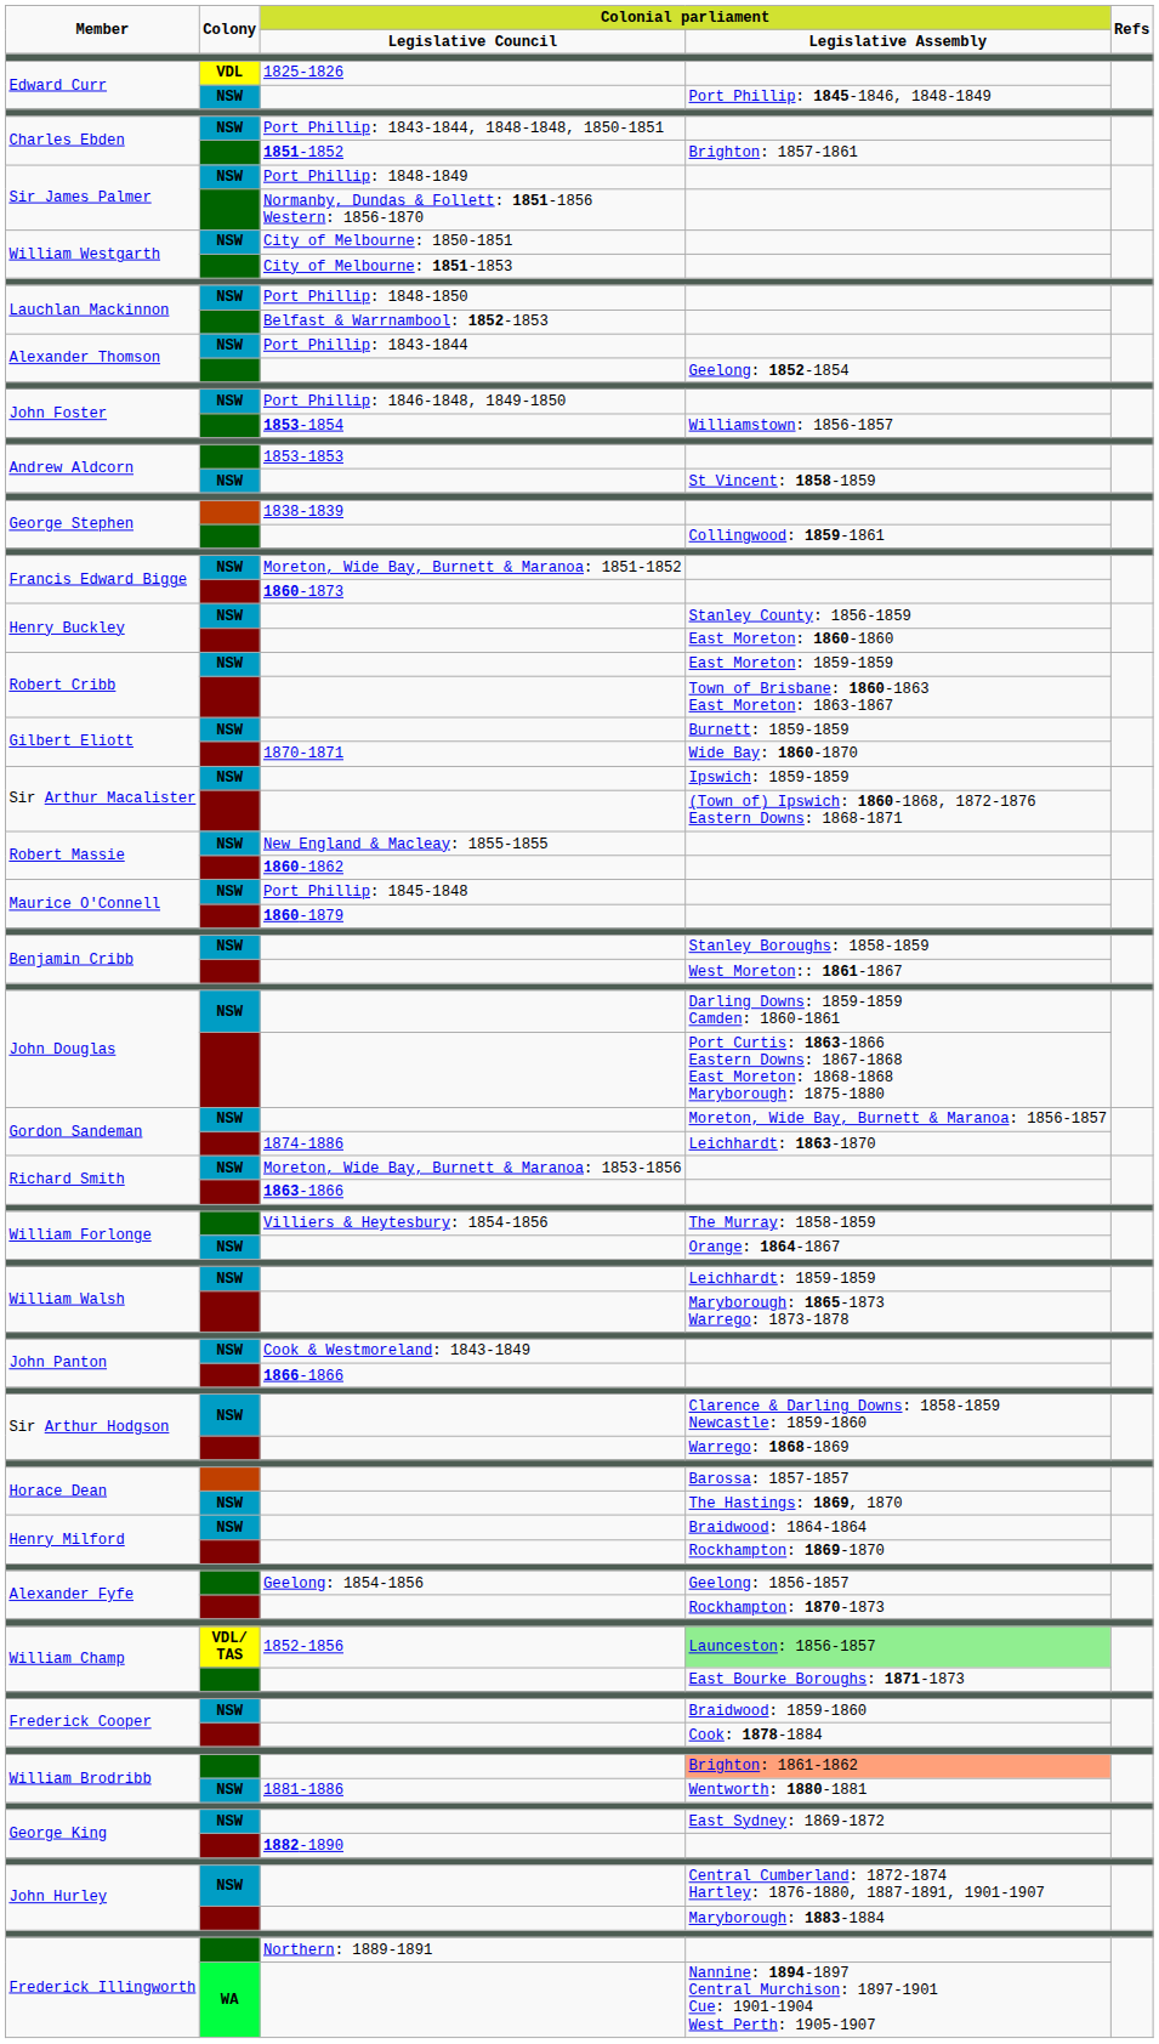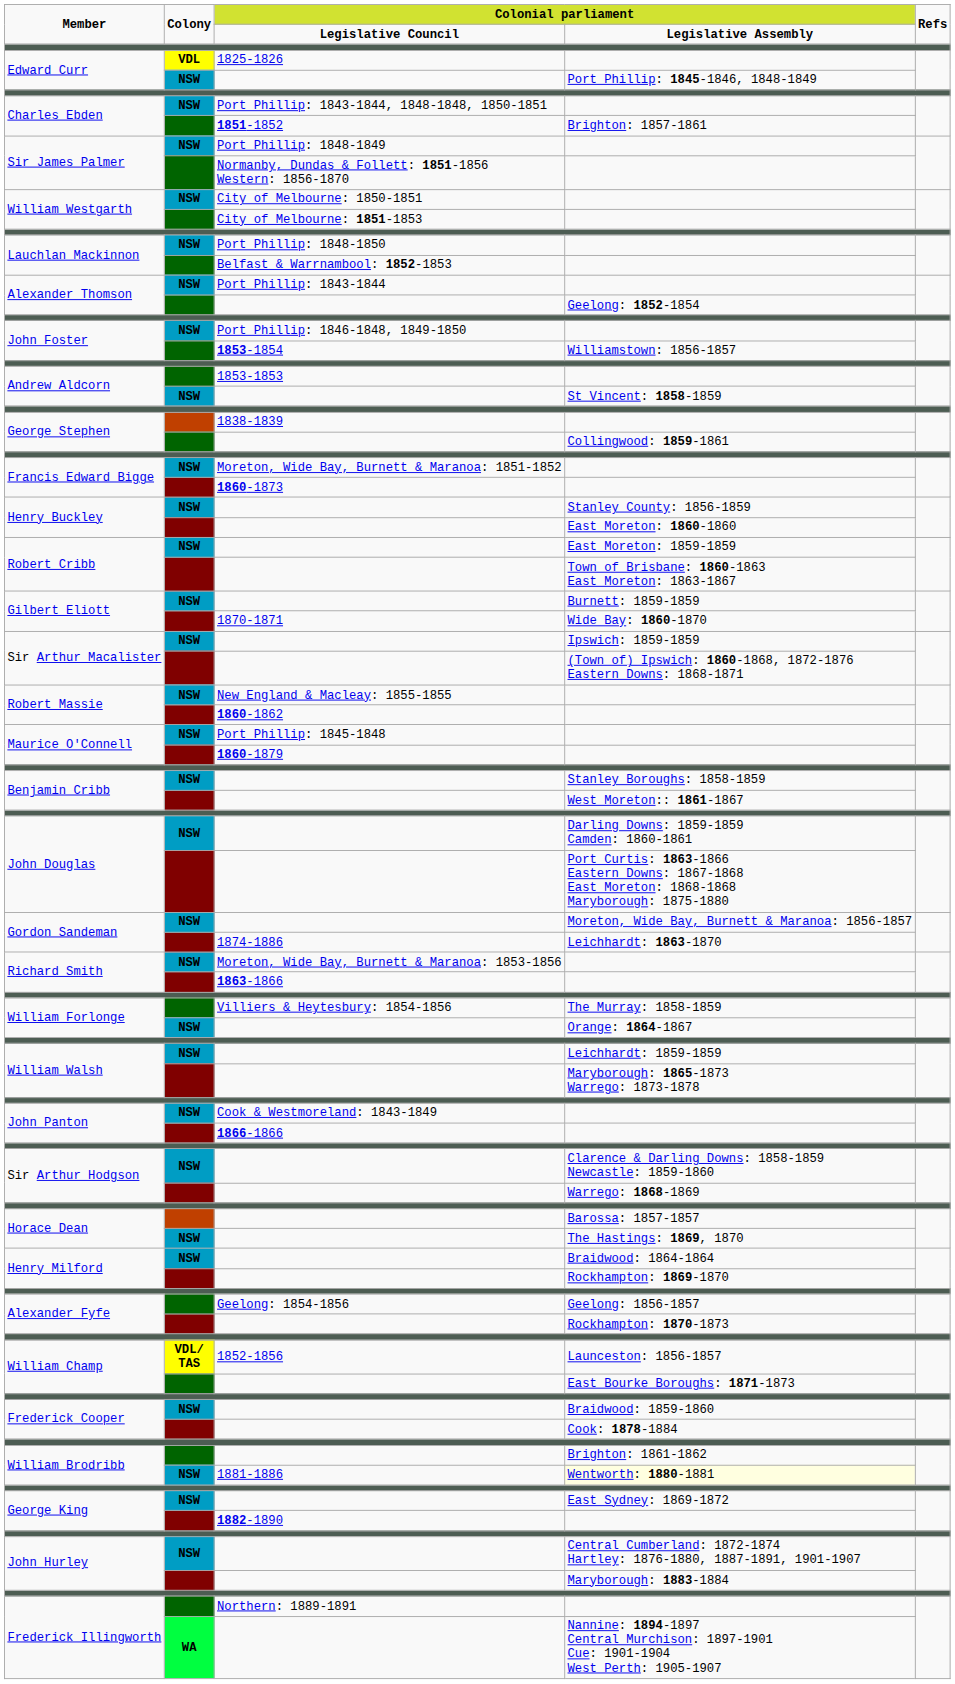 <table Class="wikitable">
 <tr>
 <td rowspan="2" align=center><strong>Member</strong></td>
 <td rowspan="2" align=center><strong>Colony</strong></td>
 <td style="background:#D1E231" align=center colspan="2"><strong>Colonial parliament</strong></td>
 <td rowspan="2" align=center><strong>Refs</strong></td>
 </tr>
 <tr>
 <td align=center><strong>Legislative Council</strong></td>
 <td align=center><strong>Legislative Assembly</strong></td>
 </tr>
 <tr>
 <td style="background:#4D5D53" align=center colspan="5"></td>
 </tr>
 <tr>
 <td rowspan="2"><a href='#'>Edward Curr</a></td>
 <td align=center style="background:yellow"><strong>VDL</strong></td>
 <td><a href='#'>1825-1826</a></td>
 <td></td>
 <td rowspan="2"></td>
 </tr>
 <tr>
 <td align=center style="background:#009DC4"><strong>NSW</strong></td>
 <td></td>
 <td><a href='#'>Port Phillip</a>: <strong>1845</strong>-1846, 1848-1849</td>
 </tr>
 <tr>
 <td style="background:#4D5D53" align=center colspan="5"></td>
 </tr>
 <tr>
 <td rowspan="2"><a href='#'>Charles Ebden</a></td>
 <td align=center style="background:#009DC4"><strong>NSW</strong></td>
 <td><a href='#'>Port Phillip</a>: 1843-1844, 1848-1848, 1850-1851</td>
 <td></td>
 <td rowspan="2"></td>
 </tr>
 <tr>
 <td align=center style="background:darkgreen"></td>
 <td><a href='#'><strong>1851</strong>-1852</a></td>
 <td><a href='#'>Brighton</a>: 1857-1861</td>
 </tr>
 <tr>
 <td rowspan="2"><a href='#'>Sir James Palmer</a></td>
 <td align=center style="background:#009DC4"><strong>NSW</strong></td>
 <td><a href='#'>Port Phillip</a>: 1848-1849</td>
 <td></td>
 <td rowspan="2"></td>
 </tr>
 <tr>
 <td align=center style="background:darkgreen"></td>
 <td><a href='#'>Normanby, Dundas & Follett</a>: <strong>1851</strong>-1856<br><a href='#'>Western</a>: 1856-1870</td>
 <td></td>
 </tr>
 <tr>
 <td rowspan="2"><a href='#'>William Westgarth</a></td>
 <td align=center style="background:#009DC4"><strong>NSW</strong></td>
 <td><a href='#'>City of Melbourne</a>: 1850-1851</td>
 <td></td>
 <td rowspan="2"></td>
 </tr>
 <tr>
 <td align=center style="background:darkgreen"></td>
 <td><a href='#'>City of Melbourne</a>: <strong>1851</strong>-1853</td>
 <td></td>
 </tr>
 <tr>
 <td style="background:#4D5D53" align=center colspan="5"></td>
 </tr>
 <tr>
 <td rowspan="2"><a href='#'>Lauchlan Mackinnon</a></td>
 <td align=center style="background:#009DC4"><strong>NSW</strong></td>
 <td><a href='#'>Port Phillip</a>: 1848-1850</td>
 <td></td>
 <td rowspan="2"></td>
 </tr>
 <tr>
 <td align=center style="background:darkgreen"></td>
 <td><a href='#'>Belfast & Warrnambool</a>: <strong>1852</strong>-1853</td>
 <td></td>
 </tr>
 <tr>
 <td rowspan="2"><a href='#'>Alexander Thomson</a></td>
 <td align=center style="background:#009DC4"><strong>NSW</strong></td>
 <td><a href='#'>Port Phillip</a>: 1843-1844</td>
 <td></td>
 <td rowspan="2"></td>
 </tr>
 <tr>
 <td align=center style="background:darkgreen"></td>
 <td></td>
 <td><a href='#'>Geelong</a>: <strong>1852</strong>-1854</td>
 </tr>
 <tr>
 <td style="background:#4D5D53" align=center colspan="5"></td>
 </tr>
 <tr>
 <td rowspan="2"><a href='#'>John Foster</a></td>
 <td align=center style="background:#009DC4"><strong>NSW</strong></td>
 <td><a href='#'>Port Phillip</a>: 1846-1848, 1849-1850</td>
 <td></td>
 <td rowspan="2"></td>
 </tr>
 <tr>
 <td align=center style="background:darkgreen"></td>
 <td><a href='#'><strong>1853</strong>-1854</a></td>
 <td><a href='#'>Williamstown</a>: 1856-1857</td>
 </tr>
 <tr>
 <td style="background:#4D5D53" align=center colspan="5"></td>
 </tr>
 <tr>
 <td rowspan="2"><a href='#'>Andrew Aldcorn</a></td>
 <td align=center style="background:darkgreen"></td>
 <td><a href='#'>1853-1853</a></td>
 <td></td>
 <td rowspan="2"></td>
 </tr>
 <tr>
 <td align=center style="background:#009DC4"><strong>NSW</strong></td>
 <td></td>
 <td><a href='#'>St Vincent</a>: <strong>1858</strong>-1859</td>
 </tr>
 <tr>
 <td style="background:#4D5D53" align=center colspan="5"></td>
 </tr>
 <tr>
 <td rowspan="2"><a href='#'>George Stephen</a></td>
 <td align=center style="background:#C04000"></td>
 <td><a href='#'>1838-1839</a></td>
 <td></td>
 <td rowspan="2"></td>
 </tr>
 <tr>
 <td align=center style="background:darkgreen"></td>
 <td></td>
 <td><a href='#'>Collingwood</a>: <strong>1859</strong>-1861</td>
 </tr>
 <tr>
 <td style="background:#4D5D53" align=center colspan="5"></td>
 </tr>
 <tr>
 <td rowspan="2"><a href='#'>Francis Edward Bigge</a></td>
 <td align=center style="background:#009DC4"><strong>NSW</strong></td>
 <td><a href='#'>Moreton, Wide Bay, Burnett & Maranoa</a>: 1851-1852</td>
 <td></td>
 <td rowspan="2"></td>
 </tr>
 <tr>
 <td align=center style="background:maroon"></td>
 <td><a href='#'><strong>1860</strong>-1873</a></td>
 <td></td>
 </tr>
 <tr>
 <td rowspan="2"><a href='#'>Henry Buckley</a></td>
 <td align=center style="background:#009DC4"><strong>NSW</strong></td>
 <td></td>
 <td><a href='#'>Stanley County</a>: 1856-1859</td>
 <td rowspan="2"></td>
 </tr>
 <tr>
 <td align=center style="background:maroon"></td>
 <td></td>
 <td><a href='#'>East Moreton</a>: <strong>1860</strong>-1860</td>
 </tr>
 <tr>
 <td rowspan="2"><a href='#'>Robert Cribb</a></td>
 <td align=center style="background:#009DC4"><strong>NSW</strong></td>
 <td></td>
 <td><a href='#'>East Moreton</a>: 1859-1859</td>
 <td rowspan="2"></td>
 </tr>
 <tr>
 <td align=center style="background:maroon"></td>
 <td></td>
 <td><a href='#'>Town of Brisbane</a>: <strong>1860</strong>-1863<br><a href='#'>East Moreton</a>: 1863-1867</td>
 </tr>
 <tr>
 <td rowspan="2"><a href='#'>Gilbert Eliott</a></td>
 <td align=center style="background:#009DC4"><strong>NSW</strong></td>
 <td></td>
 <td><a href='#'>Burnett</a>: 1859-1859</td>
 <td rowspan="2"></td>
 </tr>
 <tr>
 <td align=center style="background:maroon"></td>
 <td><a href='#'>1870-1871</a></td>
 <td><a href='#'>Wide Bay</a>: <strong>1860</strong>-1870</td>
 </tr>
 <tr>
 <td rowspan="2">Sir <a href='#'>Arthur Macalister</a></td>
 <td align=center style="background:#009DC4"><strong>NSW</strong></td>
 <td></td>
 <td><a href='#'>Ipswich</a>: 1859-1859</td>
 <td rowspan="2"></td>
 </tr>
 <tr>
 <td align=center style="background:maroon"></td>
 <td></td>
 <td><a href='#'>(Town of) Ipswich</a>: <strong>1860</strong>-1868, 1872-1876<br><a href='#'>Eastern Downs</a>: 1868-1871</td>
 </tr>
 <tr>
 <td rowspan="2"><a href='#'>Robert Massie</a></td>
 <td align=center style="background:#009DC4"><strong>NSW</strong></td>
 <td><a href='#'>New England & Macleay</a>: 1855-1855</td>
 <td></td>
 <td rowspan="2"></td>
 </tr>
 <tr>
 <td align=center style="background:maroon"></td>
 <td><a href='#'><strong>1860</strong>-1862</a></td>
 <td></td>
 </tr>
 <tr>
 <td rowspan="2"><a href='#'>Maurice O'Connell</a></td>
 <td align=center style="background:#009DC4"><strong>NSW</strong></td>
 <td><a href='#'>Port Phillip</a>: 1845-1848</td>
 <td></td>
 <td rowspan="2"></td>
 </tr>
 <tr>
 <td align=center style="background:maroon"></td>
 <td><a href='#'><strong>1860</strong>-1879</a></td>
 <td></td>
 </tr>
 <tr>
 <td style="background:#4D5D53" align=center colspan="5"></td>
 </tr>
 <tr>
 <td rowspan="2"><a href='#'>Benjamin Cribb</a></td>
 <td align=center style="background:#009DC4"><strong>NSW</strong></td>
 <td></td>
 <td><a href='#'>Stanley Boroughs</a>: 1858-1859</td>
 <td rowspan="2"></td>
 </tr>
 <tr>
 <td align=center style="background:maroon"></td>
 <td></td>
 <td><a href='#'>West Moreton</a>:: <strong>1861</strong>-1867</td>
 </tr>
 <tr>
 <td style="background:#4D5D53" align=center colspan="5"></td>
 </tr>
 <tr>
 <td rowspan="2"><a href='#'>John Douglas</a></td>
 <td align=center style="background:#009DC4"><strong>NSW</strong></td>
 <td></td>
 <td><a href='#'>Darling Downs</a>: 1859-1859<br><a href='#'>Camden</a>: 1860-1861</td>
 <td rowspan="2"></td>
 </tr>
 <tr>
 <td align=center style="background:maroon"></td>
 <td></td>
 <td><a href='#'>Port Curtis</a>: <strong>1863</strong>-1866<br><a href='#'>Eastern Downs</a>: 1867-1868<br><a href='#'>East Moreton</a>: 1868-1868<br><a href='#'>Maryborough</a>: 1875-1880</td>
 </tr>
 <tr>
 <td rowspan="2"><a href='#'>Gordon Sandeman</a></td>
 <td align=center style="background:#009DC4"><strong>NSW</strong></td>
 <td></td>
 <td><a href='#'>Moreton, Wide Bay, Burnett & Maranoa</a>: 1856-1857</td>
 <td rowspan="2"></td>
 </tr>
 <tr>
 <td align=center style="background:maroon"></td>
 <td><a href='#'>1874-1886</a></td>
 <td><a href='#'>Leichhardt</a>: <strong>1863</strong>-1870</td>
 </tr>
 <tr>
 <td rowspan="2"><a href='#'>Richard Smith</a></td>
 <td align=center style="background:#009DC4"><strong>NSW</strong></td>
 <td><a href='#'>Moreton, Wide Bay, Burnett & Maranoa</a>: 1853-1856</td>
 <td></td>
 <td rowspan="2"></td>
 </tr>
 <tr>
 <td align=center style="background:maroon"></td>
 <td><a href='#'><strong>1863</strong>-1866</a></td>
 <td></td>
 </tr>
 <tr>
 <td style="background:#4D5D53" align=center colspan="5"></td>
 </tr>
 <tr>
 <td rowspan="2"><a href='#'>William Forlonge</a></td>
 <td align=center style="background:darkgreen"></td>
 <td><a href='#'>Villiers & Heytesbury</a>: 1854-1856</td>
 <td><a href='#'>The Murray</a>: 1858-1859</td>
 <td rowspan="2"></td>
 </tr>
 <tr>
 <td align=center style="background:#009DC4"><strong>NSW</strong></td>
 <td></td>
 <td><a href='#'>Orange</a>: <strong>1864</strong>-1867</td>
 </tr>
 <tr>
 <td style="background:#4D5D53" align=center colspan="5"></td>
 </tr>
 <tr>
 <td rowspan="2"><a href='#'>William Walsh</a></td>
 <td align=center style="background:#009DC4"><strong>NSW</strong></td>
 <td></td>
 <td><a href='#'>Leichhardt</a>: 1859-1859</td>
 <td rowspan="2"></td>
 </tr>
 <tr>
 <td align=center style="background:maroon"></td>
 <td></td>
 <td><a href='#'>Maryborough</a>: <strong>1865</strong>-1873<br><a href='#'>Warrego</a>: 1873-1878</td>
 </tr>
 <tr>
 <td style="background:#4D5D53" align=center colspan="5"></td>
 </tr>
 <tr>
 <td rowspan="2"><a href='#'>John Panton</a></td>
 <td align=center style="background:#009DC4"><strong>NSW</strong></td>
 <td><a href='#'>Cook & Westmoreland</a>: 1843-1849</td>
 <td></td>
 <td rowspan="2"></td>
 </tr>
 <tr>
 <td align=center style="background:maroon"></td>
 <td><a href='#'><strong>1866</strong>-1866</a></td>
 <td></td>
 </tr>
 <tr>
 <td style="background:#4D5D53" align=center colspan="5"></td>
 </tr>
 <tr>
 <td rowspan="2">Sir <a href='#'>Arthur Hodgson</a></td>
 <td align=center style="background:#009DC4"><strong>NSW</strong></td>
 <td></td>
 <td><a href='#'>Clarence & Darling Downs</a>: 1858-1859<br><a href='#'>Newcastle</a>: 1859-1860</td>
 <td rowspan="2"></td>
 </tr>
 <tr>
 <td align=center style="background:maroon"></td>
 <td></td>
 <td><a href='#'>Warrego</a>: <strong>1868</strong>-1869</td>
 </tr>
 <tr>
 <td style="background:#4D5D53" align=center colspan="5"></td>
 </tr>
 <tr>
 <td rowspan="2"><a href='#'>Horace Dean</a></td>
 <td align=center style="background:#C04000"></td>
 <td></td>
 <td><a href='#'>Barossa</a>: 1857-1857</td>
 <td rowspan="2"></td>
 </tr>
 <tr>
 <td align=center style="background:#009DC4"><strong>NSW</strong></td>
 <td></td>
 <td><a href='#'>The Hastings</a>: <strong>1869</strong>, 1870</td>
 </tr>
 <tr>
 <td rowspan="2"><a href='#'>Henry Milford</a></td>
 <td align=center style="background:#009DC4"><strong>NSW</strong></td>
 <td></td>
 <td><a href='#'>Braidwood</a>: 1864-1864</td>
 <td rowspan="2"></td>
 </tr>
 <tr>
 <td align=center style="background:maroon"></td>
 <td></td>
 <td><a href='#'>Rockhampton</a>: <strong>1869</strong>-1870 </td>
 </tr>
 <tr>
 <td style="background:#4D5D53" align=center colspan="5"></td>
 </tr>
 <tr>
 <td rowspan="2"><a href='#'>Alexander Fyfe</a></td>
 <td align=center style="background:darkgreen"></td>
 <td><a href='#'>Geelong</a>: 1854-1856</td>
 <td><a href='#'>Geelong</a>: 1856-1857</td>
 <td rowspan="2"></td>
 </tr>
 <tr>
 <td align=center style="background:maroon"></td>
 <td></td>
 <td><a href='#'>Rockhampton</a>: <strong>1870</strong>-1873</td>
 </tr>
 <tr>
 <td style="background:#4D5D53" align=center colspan="5"></td>
 </tr>
 <tr>
 <td rowspan="2"><a href='#'>William Champ</a></td>
 <td align=center style="background:yellow"><strong>VDL/<br>TAS</strong></td>
 <td><a href='#'>1852-1856</a></td>
-<td style="background: lightgreen;"><a href='#'>Launceston</a>: 1856-1857</td>
+<td><a href='#'>Launceston</a>: 1856-1857</td>
 <td rowspan="2"></td>
 </tr>
 <tr>
 <td align=center style="background:darkgreen"></td>
 <td></td>
 <td><a href='#'>East Bourke Boroughs</a>: <strong>1871</strong>-1873</td>
 </tr>
 <tr>
 <td style="background:#4D5D53" align=center colspan="5"></td>
 </tr>
 <tr>
 <td rowspan="2"><a href='#'>Frederick Cooper</a></td>
 <td align=center style="background:#009DC4"><strong>NSW</strong></td>
 <td></td>
 <td><a href='#'>Braidwood</a>: 1859-1860</td>
 <td rowspan="2"></td>
 </tr>
 <tr>
 <td align=center style="background:maroon"></td>
 <td></td>
 <td><a href='#'>Cook</a>: <strong>1878</strong>-1884</td>
 </tr>
 <tr>
 <td style="background:#4D5D53" align=center colspan="5"></td>
 </tr>
 <tr>
 <td rowspan="2"><a href='#'>William Brodribb</a></td>
 <td align=center style="background:darkgreen"></td>
 <td></td>
-<td style="background: lightsalmon;"><a href='#'>Brighton</a>: 1861-1862</td>
+<td><a href='#'>Brighton</a>: 1861-1862</td>
 <td rowspan="2"></td>
 </tr>
 <tr>
 <td align=center style="background:#009DC4"><strong>NSW</strong></td>
 <td><a href='#'>1881-1886</a></td>
-<td><a href='#'>Wentworth</a>: <strong>1880</strong>-1881</td>
+<td style="background: lightyellow;"><a href='#'>Wentworth</a>: <strong>1880</strong>-1881</td>
 </tr>
 <tr>
 <td style="background:#4D5D53" align=center colspan="5"></td>
 </tr>
 <tr>
 <td rowspan="2"><a href='#'>George King</a></td>
 <td align=center style="background:#009DC4"><strong>NSW</strong></td>
 <td></td>
 <td><a href='#'>East Sydney</a>: 1869-1872</td>
 <td rowspan="2"></td>
 </tr>
 <tr>
 <td align=center style="background:maroon"></td>
 <td><a href='#'><strong>1882</strong>-1890</a></td>
 <td></td>
 </tr>
 <tr>
 <td style="background:#4D5D53" align=center colspan="5"></td>
 </tr>
 <tr>
 <td rowspan="2"><a href='#'>John Hurley</a></td>
 <td align=center style="background:#009DC4"><strong>NSW</strong></td>
 <td></td>
 <td><a href='#'>Central Cumberland</a>: 1872-1874<br><a href='#'>Hartley</a>: 1876-1880, 1887-1891, 1901-1907</td>
 <td rowspan="2"></td>
 </tr>
 <tr>
 <td align=center style="background:maroon"></td>
 <td></td>
 <td><a href='#'>Maryborough</a>: <strong>1883</strong>-1884</td>
 </tr>
 <tr>
 <td style="background:#4D5D53" align=center colspan="5"></td>
 </tr>
 <tr>
 <td rowspan="2"><a href='#'>Frederick Illingworth</a></td>
 <td align=center style="background:darkgreen"></td>
 <td><a href='#'>Northern</a>: 1889-1891</td>
 <td></td>
 <td rowspan="2"></td>
 </tr>
 <tr>
 <td align=center style="background:#00FF40"><strong>WA</strong></td>
 <td></td>
 <td><a href='#'>Nannine</a>: <strong>1894</strong>-1897<br><a href='#'>Central Murchison</a>: 1897-1901<br><a href='#'>Cue</a>: 1901-1904<br><a href='#'>West Perth</a>: 1905-1907</td>
 </tr>
 </table>
